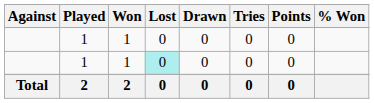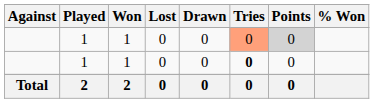 <table class="sortable wikitable" style="text-align: center;">
 <tr>
 </tr>
 <tr>
 <th>Against</th>
 <th>Played</th>
 <th>Won</th>
 <th>Lost</th>
 <th>Drawn</th>
 <th>Tries</th>
 <th>Points</th>
 <th>% Won</th>
 </tr>
 <tr bgcolor="#d0ffd0" align="center">
 </tr>
 <tr>
 <td align="left"></td>
 <td>1</td>
 <td>1</td>
 <td>0</td>
 <td>0</td>
-<td>0</td>
-<td>0</td>
+<td style="background: lightsalmon;">0</td>
+<td style="background: lightgrey;">0</td>
 <td></td>
 </tr>
 <tr>
 <td align="left"></td>
 <td>1</td>
 <td>1</td>
-<td style="background: paleturquoise;">0</td>
 <td>0</td>
 <td>0</td>
+<td><strong>0</strong></td>
 <td>0</td>
 <td></td>
 </tr>
 <tr>
 </tr>
 <tr class="sortbottom">
 <th>Total</th>
 <th>2</th>
 <th>2</th>
 <th>0</th>
 <th>0</th>
 <th>0</th>
 <th>0</th>
 <th></th>
 </tr>
 </table>
